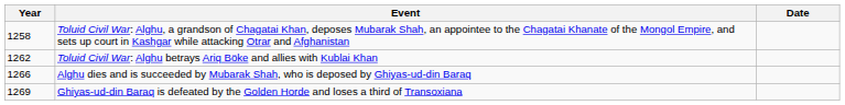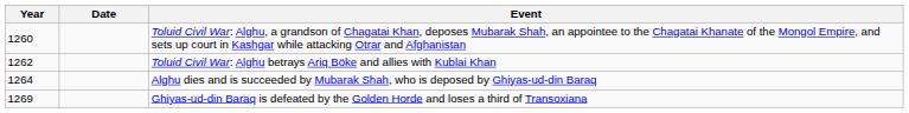 <table class="wikitable" width="100%">
 <tr>
 <th style="width:6%">Year</th>
+<th style="width:10%">Date</th>
 <th>Event</th>
-<th style="width:10%">Date</th>
 </tr>
 <tr>
-<td>1258</td>
+<td>1260</td>
+<td></td>
 <td><em><a href='#'>Toluid Civil War</a></em>: <a href='#'>Alghu</a>, a grandson of <a href='#'>Chagatai Khan</a>, deposes <a href='#'>Mubarak Shah</a>, an appointee to the <a href='#'>Chagatai Khanate</a> of the <a href='#'>Mongol Empire</a>, and sets up court in <a href='#'>Kashgar</a> while attacking <a href='#'>Otrar</a> and <a href='#'>Afghanistan</a></td>
-<td></td>
 </tr>
 <tr>
 <td>1262</td>
+<td></td>
 <td><em><a href='#'>Toluid Civil War</a></em>: <a href='#'>Alghu</a> betrays <a href='#'>Ariq Böke</a> and allies with <a href='#'>Kublai Khan</a></td>
-<td></td>
 </tr>
 <tr>
-<td>1266</td>
+<td>1264</td>
+<td></td>
 <td><a href='#'>Alghu</a> dies and is succeeded by <a href='#'>Mubarak Shah</a>, who is deposed by <a href='#'>Ghiyas-ud-din Baraq</a></td>
-<td></td>
 </tr>
 <tr>
 <td>1269</td>
+<td></td>
 <td><a href='#'>Ghiyas-ud-din Baraq</a> is defeated by the <a href='#'>Golden Horde</a> and loses a third of <a href='#'>Transoxiana</a></td>
-<td></td>
 </tr>
 </table>
